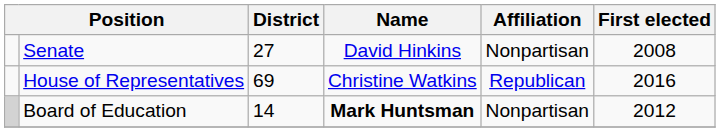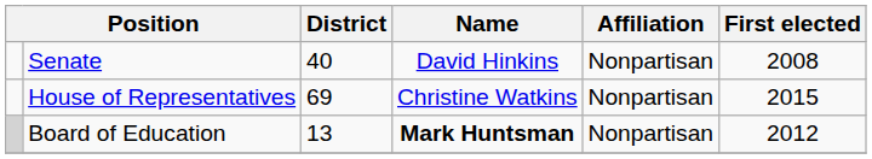 <table class="wikitable">
 <tr>
 <th colspan="2" style="text-align:center; vertical-align:bottom;">Position</th>
 <th>District</th>
 <th style="text-align:center;">Name</th>
 <th valign="bottom">Affiliation</th>
 <th style="vertical-align:bottom; text-align:center;">First elected</th>
 </tr>
 <tr>
 <td style="background-color:"> </td>
 <td><a href='#'>Senate</a></td>
-<td>27</td>
+<td>40</td>
 <td style="text-align:center;"><a href='#'>David Hinkins</a></td>
 <td style="text-align:center;">Nonpartisan</td>
 <td style="text-align:center;">2008</td>
 </tr>
 <tr>
 <td style="background-color:"> </td>
 <td><a href='#'>House of Representatives</a></td>
 <td>69</td>
 <td style="text-align:center;"><a href='#'>Christine Watkins</a></td>
-<td style="text-align:center;"><a href='#'>Republican</a></td>
-<td style="text-align:center;">2016</td>
+<td style="text-align:center;">Nonpartisan</td>
+<td style="text-align:center;">2015</td>
 </tr>
 <tr>
 <td style="background-color:lightgrey"> </td>
 <td>Board of Education</td>
-<td>14</td>
+<td>13</td>
 <td style="text-align:center;"><strong>Mark Huntsman</strong></td>
 <td style="text-align:center;">Nonpartisan</td>
 <td style="text-align:center;">2012</td>
 </tr>
 <tr>
 </tr>
 </table>
